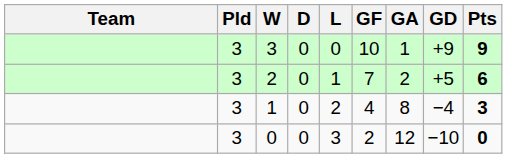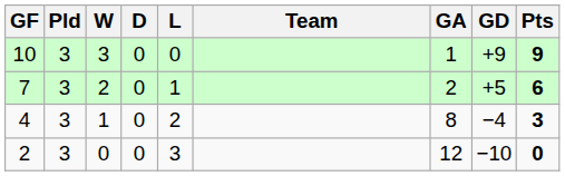 <table class=wikitable style="text-align:center">
 <tr>
-<th width=175>Team</th>
+<th width=20>GF</th>
 <th width=20>Pld</th>
 <th width=20>W</th>
 <th width=20>D</th>
 <th width=20>L</th>
-<th width=20>GF</th>
+<th width=175>Team</th>
 <th width=20>GA</th>
 <th width=20>GD</th>
 <th width=20>Pts</th>
 </tr>
 <tr style="background:#cfc;">
-<td align=left></td>
+<td>10</td>
 <td>3</td>
 <td>3</td>
 <td>0</td>
 <td>0</td>
-<td>10</td>
+<td align=left></td>
 <td>1</td>
 <td>+9</td>
 <td><strong>9</strong></td>
 </tr>
 <tr style="background:#cfc;">
-<td align=left></td>
+<td>7</td>
 <td>3</td>
 <td>2</td>
 <td>0</td>
 <td>1</td>
-<td>7</td>
+<td align=left></td>
 <td>2</td>
 <td>+5</td>
 <td><strong>6</strong></td>
 </tr>
 <tr>
-<td align=left></td>
+<td>4</td>
 <td>3</td>
 <td>1</td>
 <td>0</td>
 <td>2</td>
-<td>4</td>
+<td align=left></td>
 <td>8</td>
 <td>−4</td>
 <td><strong>3</strong></td>
 </tr>
 <tr>
-<td align=left></td>
+<td>2</td>
 <td>3</td>
 <td>0</td>
 <td>0</td>
 <td>3</td>
-<td>2</td>
+<td align=left></td>
 <td>12</td>
 <td>−10</td>
 <td><strong>0</strong></td>
 </tr>
 </table>
